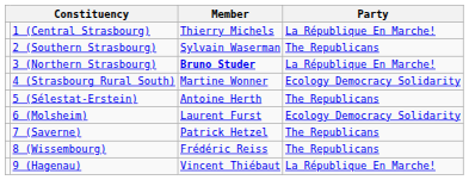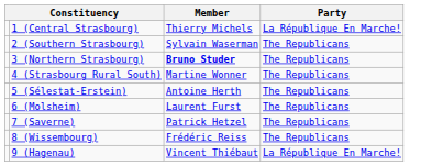 <table class="wikitable">
 <tr>
 <th colspan="2">Constituency</th>
 <th>Member</th>
 <th>Party</th>
 </tr>
 <tr>
 <td style="background-color: "></td>
 <td><a href='#'>1 (Central Strasbourg)</a></td>
 <td><a href='#'>Thierry Michels</a></td>
 <td><a href='#'>La République En Marche!</a></td>
 </tr>
 <tr>
 <td style="background-color: "></td>
 <td><a href='#'>2 (Southern Strasbourg)</a></td>
 <td><a href='#'>Sylvain Waserman</a></td>
 <td><a href='#'>The Republicans</a></td>
 </tr>
 <tr>
 <td style="background-color: "></td>
 <td><a href='#'>3 (Northern Strasbourg)</a></td>
 <td><strong><a href='#'>Bruno Studer</a></strong></td>
-<td><a href='#'>La République En Marche!</a></td>
+<td><a href='#'>The Republicans</a></td>
 </tr>
 <tr>
 <td style="background-color: "></td>
 <td><a href='#'>4 (Strasbourg Rural South)</a></td>
 <td><a href='#'>Martine Wonner</a></td>
-<td><a href='#'>Ecology Democracy Solidarity</a></td>
+<td><a href='#'>The Republicans</a></td>
 </tr>
 <tr>
 <td style="background-color: "></td>
 <td><a href='#'>5 (Sélestat-Erstein)</a></td>
 <td><a href='#'>Antoine Herth</a></td>
 <td><a href='#'>The Republicans</a></td>
 </tr>
 <tr>
 <td style="background-color: "></td>
 <td><a href='#'>6 (Molsheim)</a></td>
 <td><a href='#'>Laurent Furst</a></td>
-<td><a href='#'>Ecology Democracy Solidarity</a></td>
+<td><a href='#'>The Republicans</a></td>
 </tr>
 <tr>
 <td style="background-color: "></td>
 <td><a href='#'>7 (Saverne)</a></td>
 <td><a href='#'>Patrick Hetzel</a></td>
 <td><a href='#'>The Republicans</a></td>
 </tr>
 <tr>
 <td style="background-color: "></td>
 <td><a href='#'>8 (Wissembourg)</a></td>
 <td><a href='#'>Frédéric Reiss</a></td>
 <td><a href='#'>The Republicans</a></td>
 </tr>
 <tr>
 <td style="background-color: "></td>
 <td><a href='#'>9 (Hagenau)</a></td>
 <td><a href='#'>Vincent Thiébaut</a></td>
 <td><a href='#'>La République En Marche!</a></td>
 </tr>
 </table>
